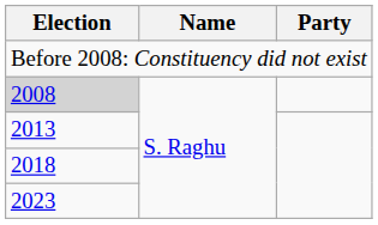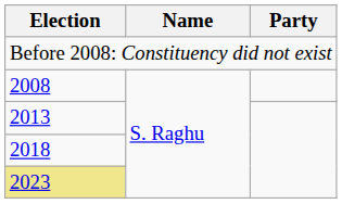 <table class="wikitable sortable">
 <tr>
 <th>Election</th>
 <th>Name</th>
 <th colspan=2>Party</th>
 </tr>
 <tr>
 <td colspan=4>Before 2008: <em>Constituency did not exist</em></td>
 </tr>
 <tr>
-<td style="background: lightgrey;"><a href='#'>2008</a></td>
+<td><a href='#'>2008</a></td>
 <td rowspan=4><a href='#'>S. Raghu</a></td>
 <td></td>
 </tr>
 <tr>
 <td><a href='#'>2013</a></td>
 </tr>
 <tr>
 <td><a href='#'>2018</a></td>
 </tr>
 <tr>
-<td><a href='#'>2023</a></td>
+<td style="background: khaki;"><a href='#'>2023</a></td>
 </tr>
 </table>
